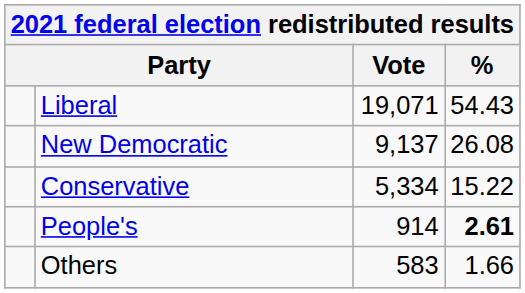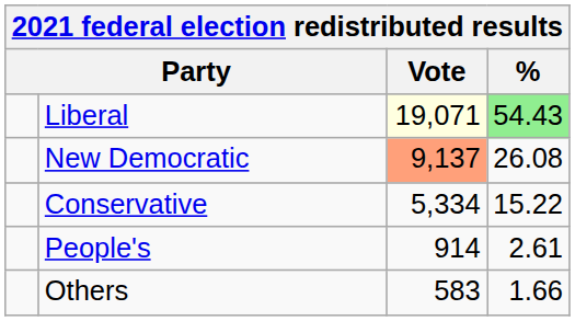 <table class="wikitable">
 <tr>
 <th colspan="4"><a href='#'>2021 federal election</a> redistributed results</th>
 </tr>
 <tr>
 <th bgcolor="#DDDDFF" width="130px" colspan="2">Party</th>
 <th bgcolor="#DDDDFF" width="50px">Vote</th>
 <th bgcolor="#DDDDFF" width="30px">%</th>
 </tr>
 <tr>
 <td> </td>
 <td><a href='#'>Liberal</a></td>
-<td align=right>19,071</td>
-<td align=right>54.43</td>
+<td align=right style="background: lightyellow;">19,071</td>
+<td align=right style="background: lightgreen;">54.43</td>
 </tr>
 <tr>
 <td> </td>
 <td><a href='#'>New Democratic</a></td>
-<td align=right>9,137</td>
+<td align=right style="background: lightsalmon;">9,137</td>
 <td align=right>26.08</td>
 </tr>
 <tr>
 <td> </td>
 <td><a href='#'>Conservative</a></td>
 <td align=right>5,334</td>
 <td align=right>15.22</td>
 </tr>
 <tr>
 <td> </td>
 <td><a href='#'>People's</a></td>
 <td align=right>914</td>
-<td align=right><strong>2.61</strong></td>
+<td align=right>2.61</td>
 </tr>
 <tr>
 <td> </td>
 <td>Others</td>
 <td align=right>583</td>
 <td align=right>1.66</td>
 </tr>
 </table>
